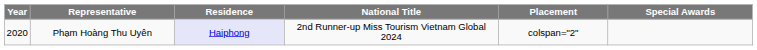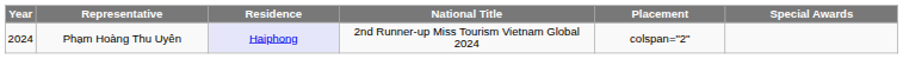 <table class="wikitable sortable" style="font-size: 85%; text-align:center">
 <tr>
 <th width="30" style="background-color:#787878;color:#FFFFFF;">Year</th>
 <th width="200" style="background-color:#787878;color:#FFFFFF;">Representative</th>
 <th width="150" style="background-color:#787878;color:#FFFFFF;">Residence</th>
 <th width="300" style="background-color:#787878;color:#FFFFFF;">National Title</th>
 <th width="150" style="background-color:#787878;color:#FFFFFF;">Placement</th>
 <th width="200" style="background-color:#787878;color:#FFFFFF;">Special Awards</th>
 </tr>
 <tr>
-<td>2020</td>
+<td>2024</td>
 <td>Phạm Hoàng Thu Uyên</td>
 <td style="background: lavender;"><a href='#'>Haiphong</a></td>
 <td>2nd Runner-up Miss Tourism Vietnam Global 2024</td>
 <td>colspan="2" </td>
 </tr>
 </table>
